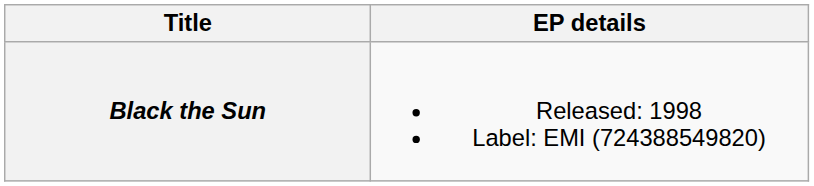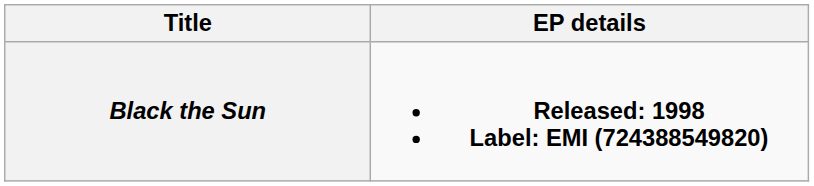 <table class="wikitable plainrowheaders" style="text-align:center">
 <tr>
 <th scope="col" style="width:15em;">Title</th>
 <th scope="col" style="width:18em;">EP details</th>
 </tr>
 <tr>
 <th scope="row"><em>Black the Sun</em></th>
-<td><br><ul><li>Released: 1998</li><li>Label: EMI (724388549820)</li></ul></td>
+<td><strong><br><ul><li>Released: 1998</li><li>Label: EMI (724388549820)</li></ul></strong></td>
 </tr>
 </table>
